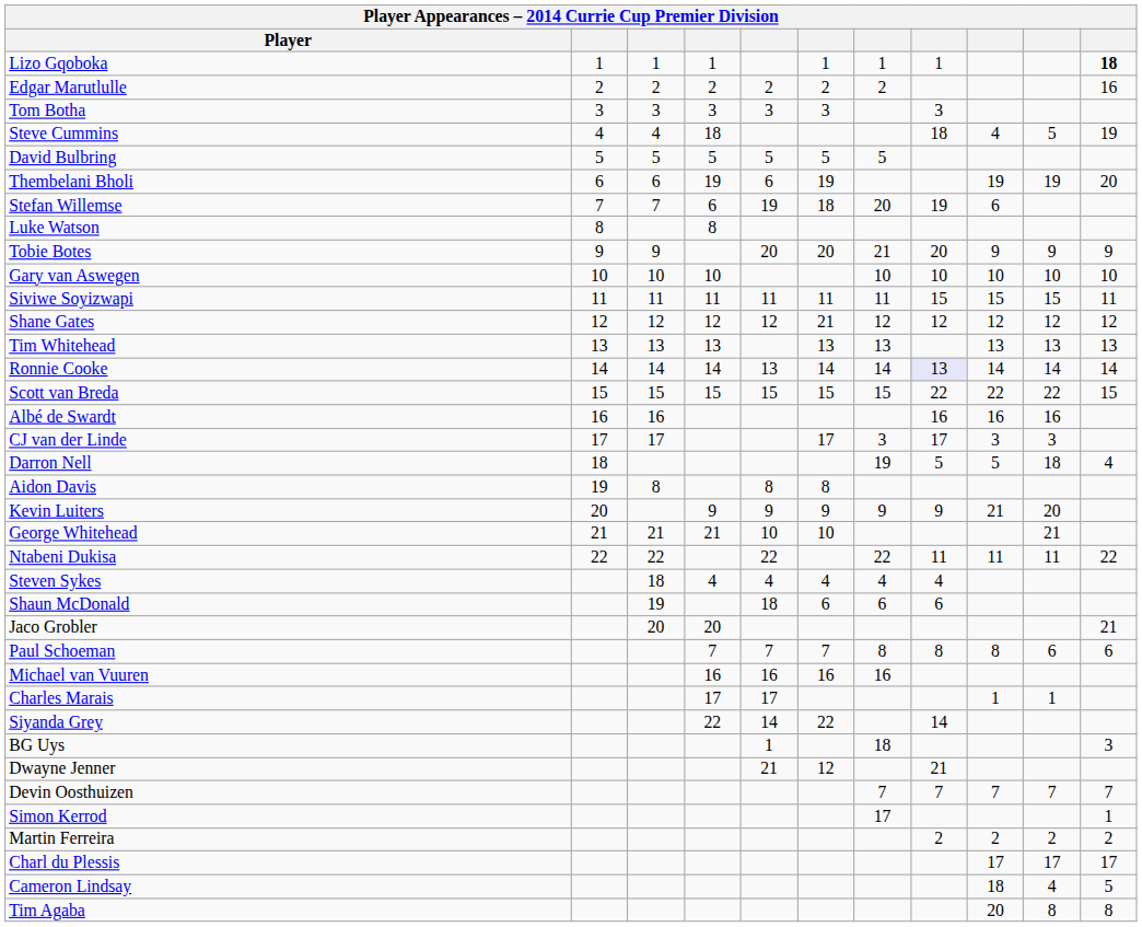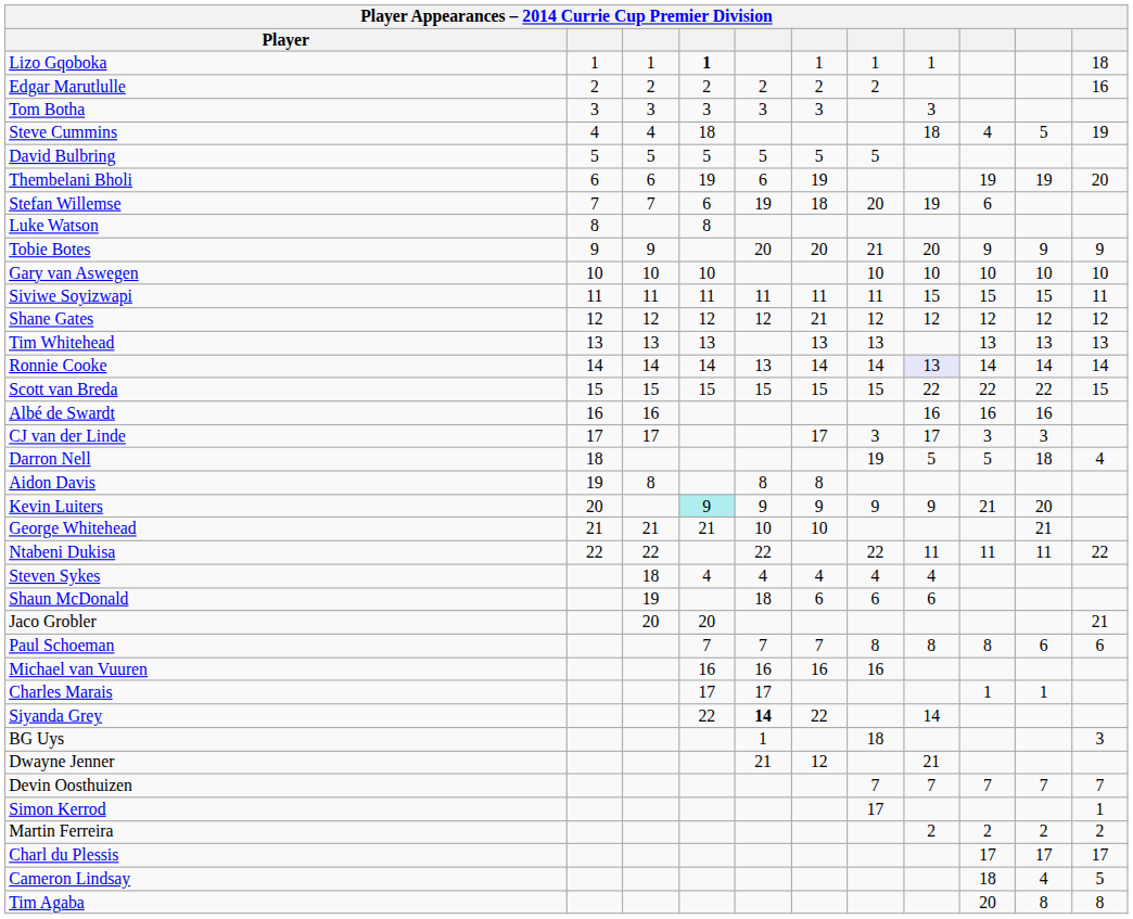 <table class="wikitable sortable"  style="text-align:center; line-height:90%; font-size:90%; width:60%;">
 <tr>
 <th colspan=13>Player Appearances – <a href='#'>2014 Currie Cup Premier Division</a></th>
 </tr>
 <tr>
 <th style="width:50%;">Player</th>
 <th style="width:5%;"></th>
 <th style="width:5%;"></th>
 <th style="width:5%;"></th>
 <th style="width:5%;"></th>
 <th style="width:5%;"></th>
 <th style="width:5%;"></th>
 <th style="width:5%;"></th>
 <th style="width:5%;"></th>
 <th style="width:5%;"></th>
 <th style="width:5%;"></th>
 </tr>
 <tr>
 <td align=left><a href='#'>Lizo Gqoboka</a></td>
 <td>1</td>
 <td>1</td>
-<td>1</td>
+<td><strong>1</strong></td>
 <td></td>
 <td>1</td>
 <td>1</td>
 <td>1</td>
 <td></td>
 <td></td>
-<td><strong>18 </strong></td>
+<td>18 </td>
 </tr>
 <tr>
 <td align=left><a href='#'>Edgar Marutlulle</a></td>
 <td>2</td>
 <td>2</td>
 <td>2</td>
 <td>2</td>
 <td>2</td>
 <td>2</td>
 <td></td>
 <td></td>
 <td></td>
 <td>16 </td>
 </tr>
 <tr>
 <td align=left><a href='#'>Tom Botha</a></td>
 <td>3</td>
 <td>3</td>
 <td>3</td>
 <td>3</td>
 <td>3</td>
 <td></td>
 <td>3</td>
 <td></td>
 <td></td>
 <td></td>
 </tr>
 <tr>
 <td align=left><a href='#'>Steve Cummins</a></td>
 <td>4</td>
 <td>4</td>
 <td>18 </td>
 <td></td>
 <td></td>
 <td></td>
 <td>18 </td>
 <td>4</td>
 <td>5</td>
 <td>19 </td>
 </tr>
 <tr>
 <td align=left><a href='#'>David Bulbring</a></td>
 <td>5</td>
 <td>5</td>
 <td>5</td>
 <td>5</td>
 <td>5</td>
 <td>5</td>
 <td></td>
 <td></td>
 <td></td>
 <td></td>
 </tr>
 <tr>
 <td align=left><a href='#'>Thembelani Bholi</a></td>
 <td>6</td>
 <td>6</td>
 <td>19 </td>
 <td>6</td>
 <td>19 </td>
 <td></td>
 <td></td>
 <td>19 </td>
 <td>19 </td>
 <td>20</td>
 </tr>
 <tr>
 <td align=left><a href='#'>Stefan Willemse</a></td>
 <td>7</td>
 <td>7</td>
 <td>6</td>
 <td>19 </td>
 <td>18 </td>
 <td>20 </td>
 <td>19 </td>
 <td>6</td>
 <td></td>
 <td></td>
 </tr>
 <tr>
 <td align=left><a href='#'>Luke Watson</a></td>
 <td>8</td>
 <td></td>
 <td>8</td>
 <td></td>
 <td></td>
 <td></td>
 <td></td>
 <td></td>
 <td></td>
 <td></td>
 </tr>
 <tr>
 <td align=left><a href='#'>Tobie Botes</a></td>
 <td>9</td>
 <td>9</td>
 <td></td>
 <td>20</td>
 <td>20 </td>
 <td>21 </td>
 <td>20 </td>
 <td>9</td>
 <td>9</td>
 <td>9</td>
 </tr>
 <tr>
 <td align=left><a href='#'>Gary van Aswegen</a></td>
 <td>10</td>
 <td>10</td>
 <td>10</td>
 <td></td>
 <td></td>
 <td>10</td>
 <td>10</td>
 <td>10</td>
 <td>10</td>
 <td>10</td>
 </tr>
 <tr>
 <td align=left><a href='#'>Siviwe Soyizwapi</a></td>
 <td>11</td>
 <td>11</td>
 <td>11</td>
 <td>11</td>
 <td>11</td>
 <td>11</td>
 <td>15</td>
 <td>15</td>
 <td>15</td>
 <td>11</td>
 </tr>
 <tr>
 <td align=left><a href='#'>Shane Gates</a></td>
 <td>12</td>
 <td>12</td>
 <td>12</td>
 <td>12</td>
 <td>21 </td>
 <td>12</td>
 <td>12</td>
 <td>12</td>
 <td>12</td>
 <td>12</td>
 </tr>
 <tr>
 <td align=left><a href='#'>Tim Whitehead</a></td>
 <td>13</td>
 <td>13</td>
 <td>13</td>
 <td></td>
 <td>13</td>
 <td>13</td>
 <td></td>
 <td>13</td>
 <td>13</td>
 <td>13</td>
 </tr>
 <tr>
 <td align=left><a href='#'>Ronnie Cooke</a></td>
 <td>14</td>
 <td>14</td>
 <td>14</td>
 <td>13</td>
 <td>14</td>
 <td>14</td>
 <td style="background: lavender;">13</td>
 <td>14</td>
 <td>14</td>
 <td>14</td>
 </tr>
 <tr>
 <td align=left><a href='#'>Scott van Breda</a></td>
 <td>15</td>
 <td>15</td>
 <td>15</td>
 <td>15</td>
 <td>15</td>
 <td>15</td>
 <td>22 </td>
 <td>22</td>
 <td>22</td>
 <td>15</td>
 </tr>
 <tr>
 <td align=left><a href='#'>Albé de Swardt</a></td>
 <td>16 </td>
 <td>16 </td>
 <td></td>
 <td></td>
 <td></td>
 <td></td>
 <td>16 </td>
 <td>16 </td>
 <td>16 </td>
 <td></td>
 </tr>
 <tr>
 <td align=left><a href='#'>CJ van der Linde</a></td>
 <td>17 </td>
 <td>17 </td>
 <td></td>
 <td></td>
 <td>17 </td>
 <td>3</td>
 <td>17 </td>
 <td>3</td>
 <td>3</td>
 <td></td>
 </tr>
 <tr>
 <td align=left><a href='#'>Darron Nell</a></td>
 <td>18 </td>
 <td></td>
 <td></td>
 <td></td>
 <td></td>
 <td>19 </td>
 <td>5</td>
 <td>5</td>
 <td>18</td>
 <td>4</td>
 </tr>
 <tr>
 <td align=left><a href='#'>Aidon Davis</a></td>
 <td>19 </td>
 <td>8</td>
 <td></td>
 <td>8</td>
 <td>8</td>
 <td></td>
 <td></td>
 <td></td>
 <td></td>
 <td></td>
 </tr>
 <tr>
 <td align=left><a href='#'>Kevin Luiters</a></td>
 <td>20 </td>
 <td></td>
-<td>9</td>
+<td style="background: paleturquoise;">9</td>
 <td>9</td>
 <td>9</td>
 <td>9</td>
 <td>9</td>
 <td>21 </td>
 <td>20 </td>
 <td></td>
 </tr>
 <tr>
 <td align=left><a href='#'>George Whitehead</a></td>
 <td>21</td>
 <td>21 </td>
 <td>21</td>
 <td>10</td>
 <td>10</td>
 <td></td>
 <td></td>
 <td></td>
 <td>21 </td>
 <td></td>
 </tr>
 <tr>
 <td align=left><a href='#'>Ntabeni Dukisa</a></td>
 <td>22</td>
 <td>22 </td>
 <td></td>
 <td>22</td>
 <td></td>
 <td>22 </td>
 <td>11</td>
 <td>11</td>
 <td>11</td>
 <td>22 </td>
 </tr>
 <tr>
 <td align=left><a href='#'>Steven Sykes</a></td>
 <td></td>
 <td>18 </td>
 <td>4</td>
 <td>4</td>
 <td>4</td>
 <td>4</td>
 <td>4</td>
 <td></td>
 <td></td>
 <td></td>
 </tr>
 <tr>
 <td align=left><a href='#'>Shaun McDonald</a></td>
 <td></td>
 <td>19 </td>
 <td></td>
 <td>18 </td>
 <td>6</td>
 <td>6</td>
 <td>6</td>
 <td></td>
 <td></td>
 <td></td>
 </tr>
 <tr>
 <td align=left>Jaco Grobler</td>
 <td></td>
 <td>20 </td>
 <td>20 </td>
 <td></td>
 <td></td>
 <td></td>
 <td></td>
 <td></td>
 <td></td>
 <td>21 </td>
 </tr>
 <tr>
 <td align=left><a href='#'>Paul Schoeman</a></td>
 <td></td>
 <td></td>
 <td>7</td>
 <td>7</td>
 <td>7</td>
 <td>8</td>
 <td>8</td>
 <td>8</td>
 <td>6</td>
 <td>6</td>
 </tr>
 <tr>
 <td align=left><a href='#'>Michael van Vuuren</a></td>
 <td></td>
 <td></td>
 <td>16 </td>
 <td>16 </td>
 <td>16 </td>
 <td>16 </td>
 <td></td>
 <td></td>
 <td></td>
 <td></td>
 </tr>
 <tr>
 <td align=left><a href='#'>Charles Marais</a></td>
 <td></td>
 <td></td>
 <td>17 </td>
 <td>17 </td>
 <td></td>
 <td></td>
 <td></td>
 <td>1</td>
 <td>1</td>
 <td></td>
 </tr>
 <tr>
 <td align=left><a href='#'>Siyanda Grey</a></td>
 <td></td>
 <td></td>
 <td>22 </td>
-<td>14</td>
+<td><strong>14</strong></td>
 <td>22</td>
 <td></td>
 <td>14</td>
 <td></td>
 <td></td>
 <td></td>
 </tr>
 <tr>
 <td align=left>BG Uys</td>
 <td></td>
 <td></td>
 <td></td>
 <td>1</td>
 <td></td>
 <td>18 </td>
 <td></td>
 <td></td>
 <td></td>
 <td>3</td>
 </tr>
 <tr>
 <td align=left>Dwayne Jenner</td>
 <td></td>
 <td></td>
 <td></td>
 <td>21</td>
 <td>12</td>
 <td></td>
 <td>21 </td>
 <td></td>
 <td></td>
 <td></td>
 </tr>
 <tr>
 <td align=left>Devin Oosthuizen</td>
 <td></td>
 <td></td>
 <td></td>
 <td></td>
 <td></td>
 <td>7</td>
 <td>7</td>
 <td>7</td>
 <td>7</td>
 <td>7</td>
 </tr>
 <tr>
 <td align=left><a href='#'>Simon Kerrod</a></td>
 <td></td>
 <td></td>
 <td></td>
 <td></td>
 <td></td>
 <td>17 </td>
 <td></td>
 <td></td>
 <td></td>
 <td>1</td>
 </tr>
 <tr>
 <td align=left>Martin Ferreira</td>
 <td></td>
 <td></td>
 <td></td>
 <td></td>
 <td></td>
 <td></td>
 <td>2</td>
 <td>2</td>
 <td>2</td>
 <td>2</td>
 </tr>
 <tr>
 <td align=left><a href='#'>Charl du Plessis</a></td>
 <td></td>
 <td></td>
 <td></td>
 <td></td>
 <td></td>
 <td></td>
 <td></td>
 <td>17 </td>
 <td>17 </td>
 <td>17 </td>
 </tr>
 <tr>
 <td align=left><a href='#'>Cameron Lindsay</a></td>
 <td></td>
 <td></td>
 <td></td>
 <td></td>
 <td></td>
 <td></td>
 <td></td>
 <td>18 </td>
 <td>4</td>
 <td>5</td>
 </tr>
 <tr>
 <td align=left><a href='#'>Tim Agaba</a></td>
 <td></td>
 <td></td>
 <td></td>
 <td></td>
 <td></td>
 <td></td>
 <td></td>
 <td>20 </td>
 <td>8</td>
 <td>8</td>
 </tr>
 </table>
